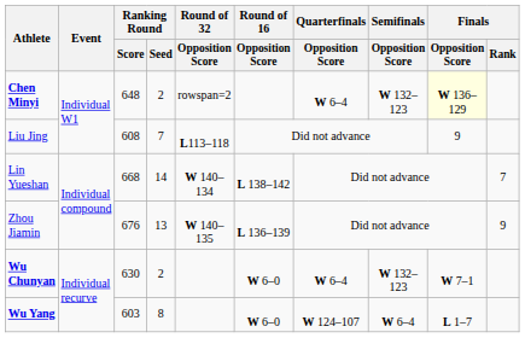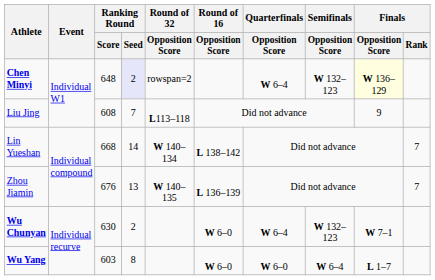 <table class="wikitable" style="text-align: center; font-size:90%">
 <tr>
 <th rowspan="2">Athlete</th>
 <th rowspan="2">Event</th>
 <th colspan="2">Ranking Round</th>
 <th>Round of 32</th>
 <th>Round of 16</th>
 <th>Quarterfinals</th>
 <th>Semifinals</th>
 <th colspan="2">Finals</th>
 </tr>
 <tr style="font-size:95%">
 <th>Score</th>
 <th>Seed</th>
 <th>Opposition<br>Score</th>
 <th>Opposition<br>Score</th>
 <th>Opposition<br>Score</th>
 <th>Opposition<br>Score</th>
 <th>Opposition<br>Score</th>
 <th>Rank</th>
 </tr>
 <tr align=center>
 <td align=left><strong><a href='#'>Chen Minyi</a></strong></td>
 <td align=left rowspan=2><a href='#'>Individual W1</a></td>
 <td>648</td>
-<td>2</td>
+<td style="background: lavender;">2</td>
 <td>rowspan=2 </td>
 <td></td>
 <td><br><strong>W</strong> 6–4</td>
 <td><br><strong>W</strong> 132–123</td>
 <td style="background: lightyellow;"><br><strong>W</strong> 136–129</td>
 <td></td>
 </tr>
 <tr align=center>
 <td align=left><a href='#'>Liu Jing</a></td>
 <td>608</td>
 <td>7</td>
 <td><br><strong>L</strong>113–118</td>
 <td colspan=3>Did not advance</td>
 <td>9</td>
 </tr>
 <tr align=center>
 <td align=left><a href='#'>Lin Yueshan</a></td>
 <td align=left rowspan=2><a href='#'>Individual compound</a></td>
 <td>668</td>
 <td>14</td>
 <td><br><strong>W</strong> 140–134</td>
 <td><br><strong>L</strong> 138–142</td>
 <td colspan=3>Did not advance</td>
 <td>7</td>
 </tr>
 <tr>
 <td align=left><a href='#'>Zhou Jiamin</a></td>
 <td>676</td>
 <td>13</td>
 <td><br><strong>W</strong> 140–135</td>
 <td><br><strong>L</strong> 136–139</td>
 <td colspan=3>Did not advance</td>
-<td>9</td>
+<td>7</td>
 </tr>
 <tr>
 <td align=left><strong><a href='#'>Wu Chunyan</a></strong></td>
 <td align=left rowspan=2><a href='#'>Individual recurve</a></td>
 <td>630</td>
 <td>2</td>
 <td></td>
 <td><br><strong>W</strong> 6–0</td>
 <td><br><strong>W</strong> 6–4</td>
 <td><br><strong>W</strong> 132–123</td>
 <td><br><strong>W</strong> 7–1</td>
 <td></td>
 </tr>
 <tr>
 <td align=left><strong><a href='#'>Wu Yang</a> </strong></td>
 <td>603</td>
 <td>8</td>
 <td></td>
 <td><br><strong>W</strong> 6–0</td>
-<td><br><strong>W</strong> 124–107</td>
+<td><br><strong>W</strong> 6–0</td>
 <td><br><strong>W</strong> 6–4</td>
 <td><br><strong>L</strong> 1–7</td>
 <td></td>
 </tr>
 </table>
